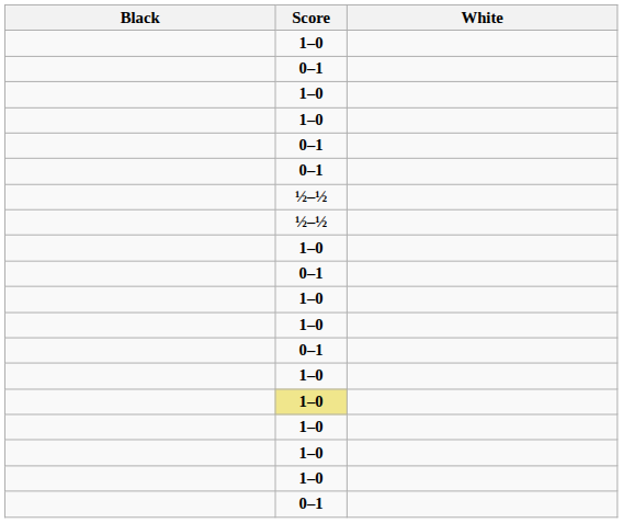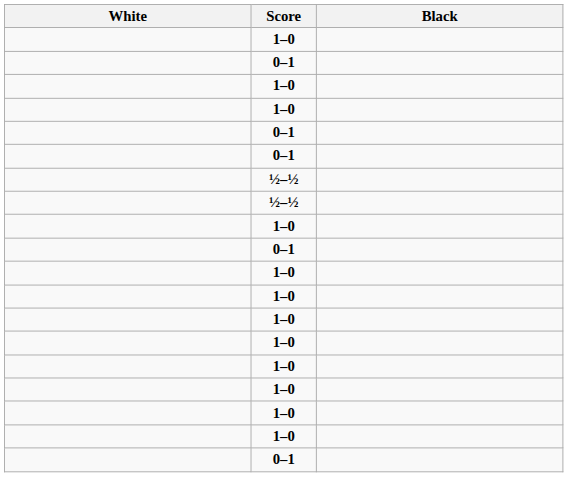 <table class="wikitable" style="text-align: center;">
 <tr>
+<th align="right" width="270">White</th>
+<th width="65">Score</th>
 <th align="left" width="270">Black</th>
-<th width="65">Score</th>
-<th align="right" width="270">White</th>
+</tr>
+<tr>
+<td align=left><strong></strong></td>
+<td align=center><strong>1–0</strong></td>
+<td align=left></td>
 </tr>
 <tr>
 <td align=left></td>
-<td align=center><strong>1–0</strong></td>
+<td align=center><strong>0–1</strong></td>
 <td align=left><strong></strong></td>
 </tr>
 <tr>
 <td align=left><strong></strong></td>
-<td align=center><strong>0–1</strong></td>
+<td align=center><strong>1–0</strong></td>
 <td align=left></td>
 </tr>
 <tr>
+<td align=left><strong></strong></td>
+<td align=center><strong>1–0</strong></td>
 <td align=left></td>
-<td align=center><strong>1–0</strong></td>
-<td align=left><strong></strong></td>
-</tr>
-<tr>
-<td align=left></td>
-<td align=center><strong>1–0</strong></td>
-<td align=left><strong></strong></td>
 </tr>
 <tr>
 <td align=left></td>
 <td align=center><strong>0–1</strong></td>
 <td align=left></td>
 </tr>
 <tr>
+<td align=left><strong></strong></td>
+<td align=center><strong>0–1</strong></td>
 <td align=left></td>
-<td align=center><strong>0–1</strong></td>
-<td align=left><strong></strong></td>
 </tr>
 <tr>
 <td align=left></td>
 <td align=center><strong>½–½</strong></td>
 <td align=left></td>
 </tr>
 <tr>
 <td align=left></td>
 <td align=center><strong>½–½</strong></td>
 <td align=left></td>
 </tr>
 <tr>
+<td align=left><strong></strong></td>
+<td align=center><strong>1–0</strong></td>
 <td align=left></td>
-<td align=center><strong>1–0</strong></td>
-<td align=left><strong></strong></td>
-</tr>
-<tr>
-<td align=left><strong></strong></td>
-<td align=center><strong>0–1</strong></td>
-<td align=left></td>
-</tr>
-<tr>
-<td align=left></td>
-<td align=center><strong>1–0</strong></td>
-<td align=left><strong></strong></td>
-</tr>
-<tr>
-<td align=left></td>
-<td align=center><strong>1–0</strong></td>
-<td align=left><strong></strong></td>
 </tr>
 <tr>
 <td align=left></td>
 <td align=center><strong>0–1</strong></td>
 <td align=left><strong></strong></td>
 </tr>
 <tr>
+<td align=left><strong></strong></td>
+<td align=center><strong>1–0</strong></td>
 <td align=left></td>
-<td align=center><strong>1–0</strong></td>
-<td align=left><strong></strong></td>
 </tr>
 <tr>
+<td align=left><strong></strong></td>
+<td align=center><strong>1–0</strong></td>
 <td align=left></td>
-<td align=center style="background: khaki;"><strong>1–0</strong></td>
+</tr>
+<tr>
 <td align=left><strong></strong></td>
+<td align=center><strong>1–0</strong></td>
+<td align=left></td>
+</tr>
+<tr>
+<td align=left><strong></strong></td>
+<td align=center><strong>1–0</strong></td>
+<td align=left></td>
 </tr>
 <tr>
 <td align=left><strong></strong></td>
 <td align=center><strong>1–0</strong></td>
 <td align=left></td>
 </tr>
 <tr>
 <td align=left></td>
 <td align=center><strong>1–0</strong></td>
 <td align=left><strong></strong></td>
 </tr>
 <tr>
 <td align=left><strong></strong></td>
 <td align=center><strong>1–0</strong></td>
 <td align=left></td>
 </tr>
 <tr>
+<td align=left></td>
+<td align=center><strong>1–0</strong></td>
 <td align=left><strong></strong></td>
+</tr>
+<tr>
+<td align=left></td>
 <td align=center><strong>0–1</strong></td>
-<td align=left></td>
+<td align=left><strong></strong></td>
 </tr>
 </table>
